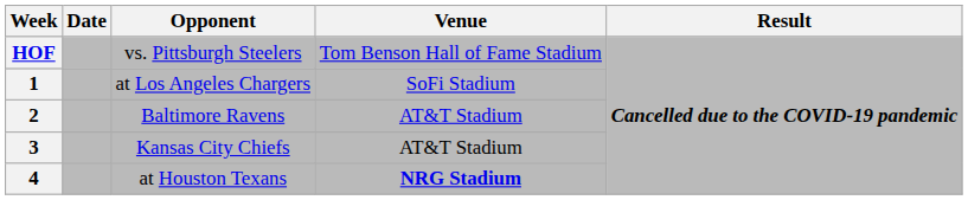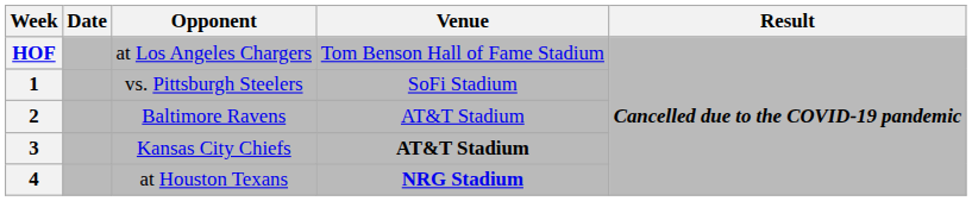 <table class="wikitable" style="text-align:center">
 <tr>
 <th>Week</th>
 <th>Date</th>
 <th>Opponent</th>
 <th>Venue</th>
 <th>Result</th>
 </tr>
 <tr style="background:#bababa">
 <th><a href='#'>HOF</a></th>
 <td></td>
-<td>vs. <a href='#'>Pittsburgh Steelers</a></td>
+<td>at <a href='#'>Los Angeles Chargers</a></td>
 <td><a href='#'>Tom Benson Hall of Fame Stadium</a></td>
 <td rowspan=5><strong><em>Cancelled due to the COVID-19 pandemic</em></strong></td>
 </tr>
 <tr style="background:#bababa">
 <th>1</th>
 <td></td>
-<td>at <a href='#'>Los Angeles Chargers</a></td>
+<td>vs. <a href='#'>Pittsburgh Steelers</a></td>
 <td><a href='#'>SoFi Stadium</a></td>
 </tr>
 <tr style="background:#bababa">
 <th>2</th>
 <td></td>
 <td><a href='#'>Baltimore Ravens</a></td>
 <td><a href='#'>AT&T Stadium</a></td>
 </tr>
 <tr style="background:#bababa">
 <th>3</th>
 <td></td>
 <td><a href='#'>Kansas City Chiefs</a></td>
-<td>AT&T Stadium</td>
+<td><strong>AT&T Stadium</strong></td>
 </tr>
 <tr style="background:#bababa">
 <th>4</th>
 <td></td>
 <td>at <a href='#'>Houston Texans</a></td>
 <td><strong><a href='#'>NRG Stadium</a></strong></td>
 </tr>
 </table>
